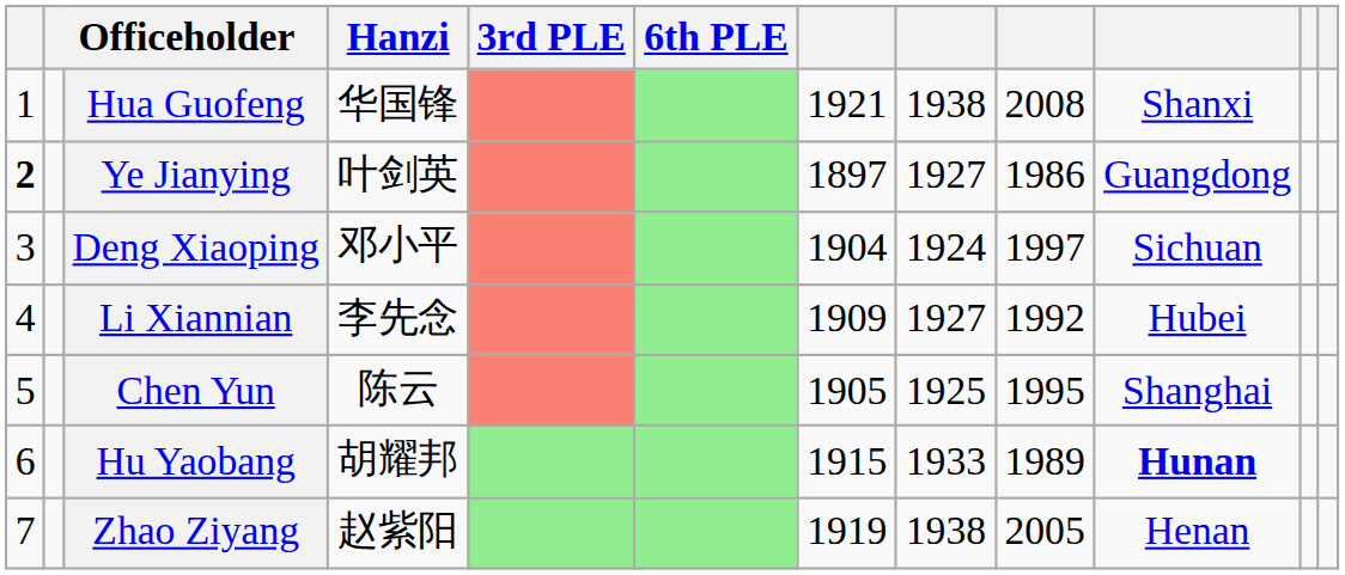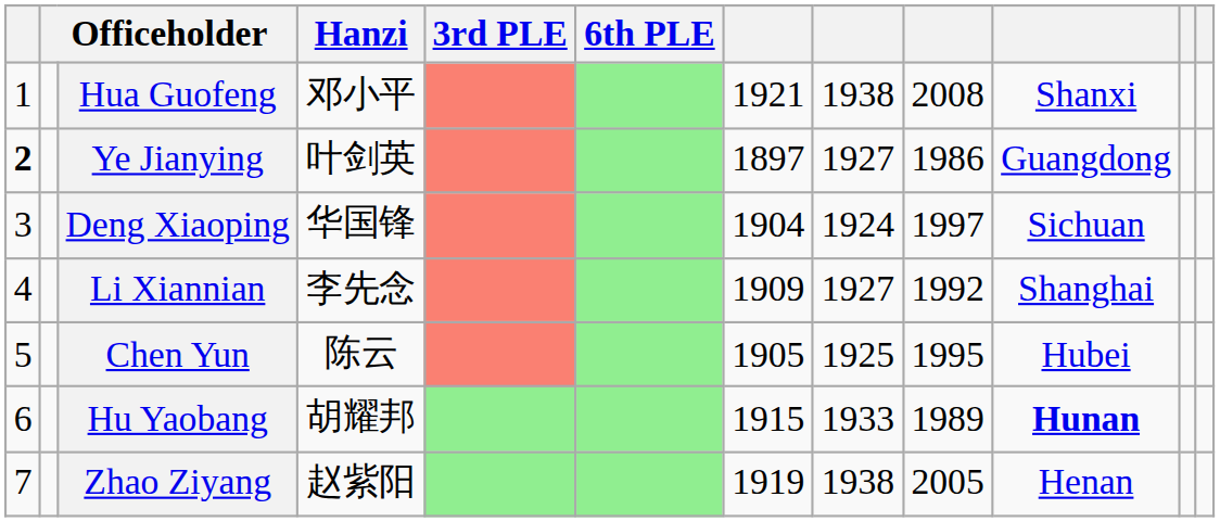 <table class="wikitable sortable" style=text-align:center>
 <tr>
 <th scope=col></th>
 <th scope=col colspan="2">Officeholder</th>
 <th scope=col><a href='#'>Hanzi</a></th>
 <th scope=col><a href='#'>3rd PLE</a></th>
 <th scope=col><a href='#'>6th PLE</a></th>
 <th scope=col></th>
 <th scope=col></th>
 <th scope=col></th>
 <th scope=col></th>
 <th scope=col></th>
 <th scope=col class="unsortable"></th>
 </tr>
 <tr>
 <td>1</td>
 <td></td>
 <th align="center" scope="row" style="font-weight:normal;"><a href='#'>Hua Guofeng</a></th>
-<td data-sort-value="4">华国锋</td>
+<td data-sort-value="34">邓小平</td>
 <td bgcolor = Salmon></td>
 <td bgcolor = LightGreen></td>
 <td>1921</td>
 <td>1938</td>
 <td>2008</td>
 <td><a href='#'>Shanxi</a></td>
 <td></td>
 <td></td>
 </tr>
 <tr>
 <td><strong>2</strong></td>
 <td></td>
 <th align="center" scope="row" style="font-weight:normal;"><a href='#'>Ye Jianying</a></th>
 <td data-sort-value="41">叶剑英</td>
 <td bgcolor = Salmon></td>
 <td bgcolor = LightGreen></td>
 <td>1897</td>
 <td>1927</td>
 <td>1986</td>
 <td><a href='#'>Guangdong</a></td>
 <td></td>
 <td></td>
 </tr>
 <tr>
 <td>3</td>
 <td></td>
 <th align="center" scope="row" style="font-weight:normal;"><a href='#'>Deng Xiaoping</a></th>
-<td data-sort-value="34">邓小平</td>
+<td data-sort-value="4">华国锋</td>
 <td bgcolor = Salmon></td>
 <td bgcolor = LightGreen></td>
 <td>1904</td>
 <td>1924</td>
 <td>1997</td>
 <td><a href='#'>Sichuan</a></td>
 <td></td>
 <td></td>
 </tr>
 <tr>
 <td>4</td>
 <td></td>
 <th align="center" scope="row" style="font-weight:normal;"><a href='#'>Li Xiannian</a></th>
 <td data-sort-value="90">李先念</td>
 <td bgcolor = Salmon></td>
 <td bgcolor = LightGreen></td>
 <td>1909</td>
 <td>1927</td>
 <td>1992</td>
-<td><a href='#'>Hubei</a></td>
+<td><a href='#'>Shanghai</a></td>
 <td></td>
 <td></td>
 </tr>
 <tr>
 <td>5</td>
 <td></td>
 <th align="center" scope="row" style="font-weight:normal;"><a href='#'>Chen Yun</a></th>
 <td data-sort-value="122">陈云</td>
 <td bgcolor = Salmon></td>
 <td bgcolor = LightGreen></td>
 <td>1905</td>
 <td>1925</td>
 <td>1995</td>
-<td><a href='#'>Shanghai</a></td>
+<td><a href='#'>Hubei</a></td>
 <td></td>
 <td></td>
 </tr>
 <tr>
 <td>6</td>
 <td></td>
 <th align="center" scope="row" style="font-weight:normal;"><a href='#'>Hu Yaobang</a></th>
 <td data-sort-value="142">胡耀邦</td>
 <td bgcolor = LightGreen></td>
 <td bgcolor = LightGreen></td>
 <td>1915</td>
 <td>1933</td>
 <td>1989</td>
 <td><strong><a href='#'>Hunan</a></strong></td>
 <td></td>
 <td></td>
 </tr>
 <tr>
 <td>7</td>
 <td></td>
 <th align="center" scope="row" style="font-weight:normal;"><a href='#'>Zhao Ziyang</a></th>
 <td data-sort-value="147">赵紫阳</td>
 <td bgcolor = LightGreen></td>
 <td bgcolor = LightGreen></td>
 <td>1919</td>
 <td>1938</td>
 <td>2005</td>
 <td><a href='#'>Henan</a></td>
 <td></td>
 <td></td>
 </tr>
 </table>
